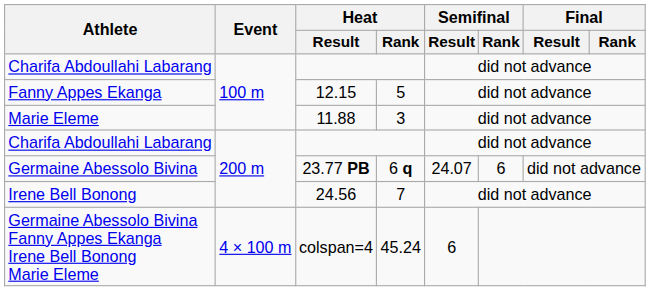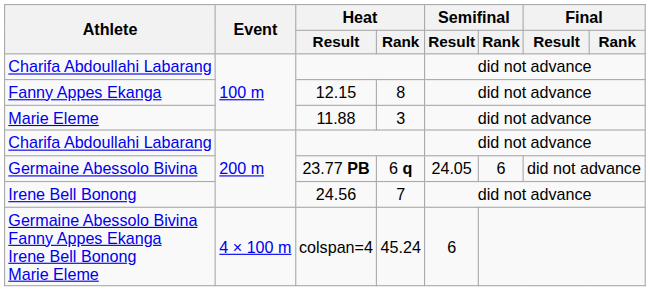 <table class="wikitable" style="font-size:90%">
 <tr>
 <th rowspan=2>Athlete</th>
 <th rowspan=2>Event</th>
 <th colspan=2>Heat</th>
 <th colspan=2>Semifinal</th>
 <th colspan=2>Final</th>
 </tr>
 <tr style="font-size:95%">
 <th>Result</th>
 <th>Rank</th>
 <th>Result</th>
 <th>Rank</th>
 <th>Result</th>
 <th>Rank</th>
 </tr>
 <tr align=center>
 <td align=left><a href='#'>Charifa Abdoullahi Labarang</a></td>
 <td style="text-align:left;" rowspan=3><a href='#'>100 m</a></td>
 <td colspan=2></td>
 <td colspan=4>did not advance</td>
 </tr>
 <tr align=center>
 <td align=left><a href='#'>Fanny Appes Ekanga</a></td>
 <td>12.15</td>
-<td>5</td>
+<td>8</td>
 <td colspan=4>did not advance</td>
 </tr>
 <tr align=center>
 <td align=left><a href='#'>Marie Eleme</a></td>
 <td>11.88</td>
 <td>3</td>
 <td colspan=4>did not advance</td>
 </tr>
 <tr align=center>
 <td align=left><a href='#'>Charifa Abdoullahi Labarang</a></td>
 <td style="text-align:left;" rowspan=3><a href='#'>200 m</a></td>
 <td colspan=2></td>
 <td colspan=4>did not advance</td>
 </tr>
 <tr align=center>
 <td align=left><a href='#'>Germaine Abessolo Bivina</a></td>
 <td>23.77 <strong>PB</strong></td>
 <td>6 <strong>q</strong></td>
-<td>24.07</td>
+<td>24.05</td>
 <td>6</td>
 <td colspan=2>did not advance</td>
 </tr>
 <tr align=center>
 <td align=left><a href='#'>Irene Bell Bonong</a></td>
 <td>24.56</td>
 <td>7</td>
 <td colspan=4>did not advance</td>
 </tr>
 <tr align=center>
 <td align=left><a href='#'>Germaine Abessolo Bivina</a><br><a href='#'>Fanny Appes Ekanga</a><br><a href='#'>Irene Bell Bonong</a><br><a href='#'>Marie Eleme</a></td>
 <td style="text-align:left;"><a href='#'>4 × 100 m</a></td>
 <td>colspan=4</td>
 <td>45.24</td>
 <td>6</td>
 </tr>
 </table>
